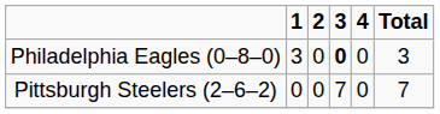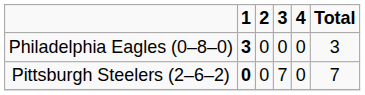 <table class="wikitable">
 <tr>
 <td></td>
 <td><strong>1</strong></td>
 <td><strong>2</strong></td>
 <td><strong>3</strong></td>
 <td><strong>4</strong></td>
 <td><strong>Total</strong></td>
 </tr>
 <tr align="center" bgcolor="">
 <td>Philadelphia Eagles (0–8–0)</td>
-<td>3</td>
+<td><strong>3</strong></td>
 <td>0</td>
-<td><strong>0</strong></td>
+<td>0</td>
 <td>0</td>
 <td>3</td>
 </tr>
 <tr align="center" bgcolor="">
 <td>Pittsburgh Steelers (2–6–2)</td>
-<td>0</td>
+<td><strong>0</strong></td>
 <td>0</td>
 <td>7</td>
 <td>0</td>
 <td>7</td>
 </tr>
 <tr align="center" bgcolor="">
 </tr>
 </table>
